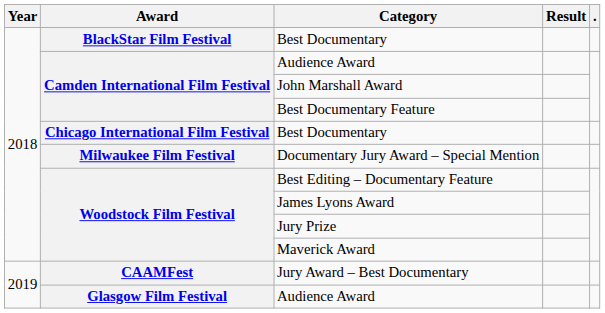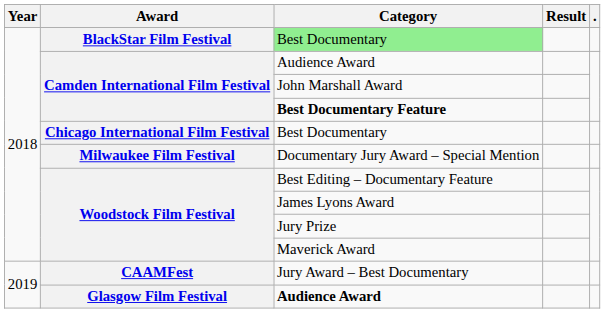 <table class="wikitable plainrowheaders sortable">
 <tr>
 <th>Year</th>
 <th>Award</th>
 <th>Category</th>
 <th>Result</th>
 <th>.</th>
 </tr>
 <tr>
 <td rowspan="10">2018</td>
 <th scope="row" align="left"><a href='#'>BlackStar Film Festival</a></th>
-<td>Best Documentary</td>
+<td style="background: lightgreen;">Best Documentary</td>
 <td></td>
 <td></td>
 </tr>
 <tr>
 <th scope="row" align="left" rowspan="3"><a href='#'>Camden International Film Festival</a></th>
 <td>Audience Award</td>
 <td></td>
 <td rowspan="3"></td>
 </tr>
 <tr>
 <td>John Marshall Award</td>
 <td></td>
 </tr>
 <tr>
-<td>Best Documentary Feature</td>
+<td><strong>Best Documentary Feature</strong></td>
 <td></td>
 </tr>
 <tr>
 <th scope="row" align="left"><a href='#'>Chicago International Film Festival</a></th>
 <td>Best Documentary</td>
 <td></td>
 <td></td>
 </tr>
 <tr>
 <th scope="row" align="left"><a href='#'>Milwaukee Film Festival</a></th>
 <td>Documentary Jury Award – Special Mention</td>
 <td></td>
 <td></td>
 </tr>
 <tr>
 <th scope="row" align="left" rowspan="4"><a href='#'>Woodstock Film Festival</a></th>
 <td>Best Editing – Documentary Feature</td>
 <td></td>
 <td rowspan="4"></td>
 </tr>
 <tr>
 <td>James Lyons Award</td>
 <td></td>
 </tr>
 <tr>
 <td>Jury Prize</td>
 <td></td>
 </tr>
 <tr>
 <td>Maverick Award</td>
 <td></td>
 </tr>
 <tr>
 <td rowspan="2">2019</td>
 <th scope="row" align="left"><a href='#'>CAAMFest</a></th>
 <td>Jury Award – Best Documentary</td>
 <td></td>
 <td></td>
 </tr>
 <tr>
 <th scope="row" align="left"><a href='#'>Glasgow Film Festival</a></th>
-<td>Audience Award</td>
+<td><strong>Audience Award</strong></td>
 <td></td>
 <td></td>
 </tr>
 </table>
